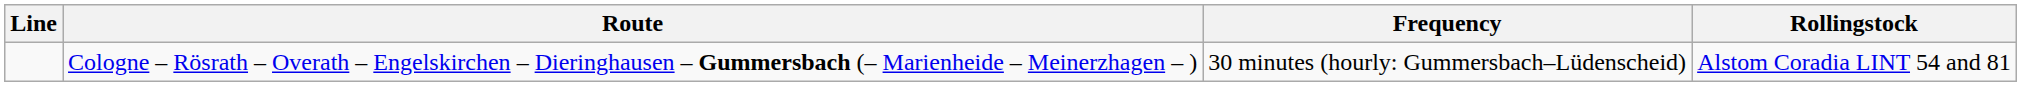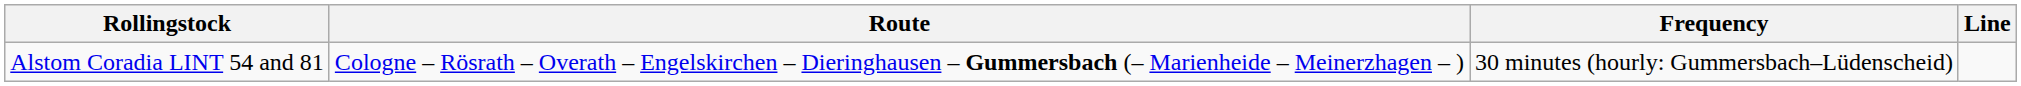 <table class="wikitable">
 <tr>
-<th>Line</th>
+<th>Rollingstock</th>
 <th>Route</th>
 <th>Frequency</th>
-<th>Rollingstock</th>
+<th>Line</th>
 </tr>
 <tr>
-<td></td>
+<td><a href='#'>Alstom Coradia LINT</a> 54 and 81</td>
 <td><a href='#'>Cologne</a> – <a href='#'>Rösrath</a> – <a href='#'>Overath</a> – <a href='#'>Engelskirchen</a> – <a href='#'>Dieringhausen</a> – <strong>Gummersbach</strong> (– <a href='#'>Marienheide</a> – <a href='#'>Meinerzhagen</a> – )</td>
 <td>30 minutes (hourly: Gummersbach–Lüdenscheid)</td>
-<td><a href='#'>Alstom Coradia LINT</a> 54 and 81</td>
+<td></td>
 </tr>
 </table>
